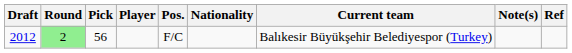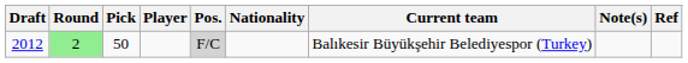 <table class="wikitable sortable" style="text-align:left; font-size:90%;">
 <tr>
 <th>Draft</th>
 <th>Round</th>
 <th>Pick</th>
 <th>Player</th>
 <th>Pos.</th>
 <th>Nationality</th>
 <th>Current team</th>
 <th>Note(s)</th>
 <th class="unsortable">Ref</th>
 </tr>
 <tr>
 <td style="text-align:center;"><a href='#'>2012</a></td>
 <td style="background: lightgreen; text-align:center;">2</td>
-<td style="text-align:center;">56</td>
+<td style="text-align:center;">50</td>
 <td></td>
-<td style="text-align:center;">F/C</td>
+<td style="background: lightgrey; text-align:center;">F/C</td>
 <td></td>
 <td>Balıkesir Büyükşehir Belediyespor (<a href='#'>Turkey</a>)</td>
 <td></td>
 <td style="text-align:center;"></td>
 </tr>
 </table>
